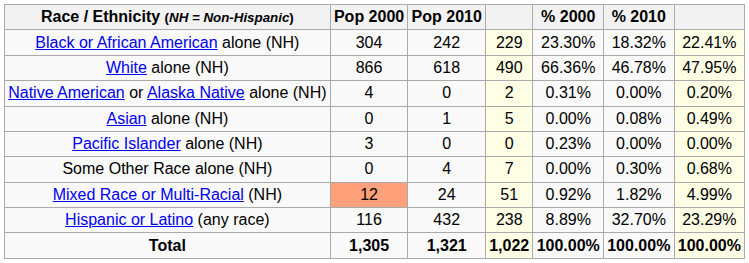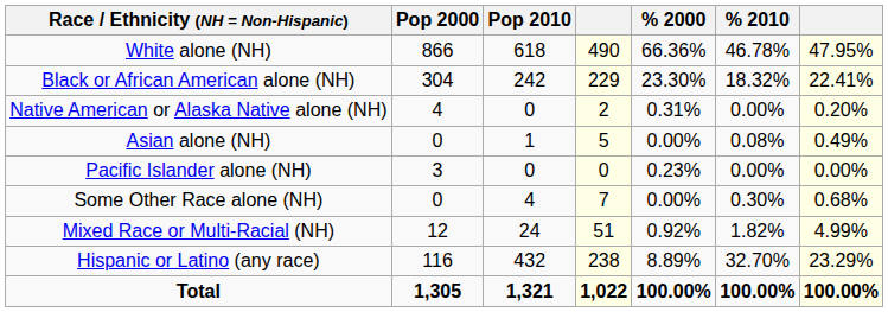 <table class="wikitable" style="text-align:center;">
 <tr>
 <th>Race / Ethnicity <small>(<em>NH = Non-Hispanic</em>)</small></th>
 <th>Pop 2000</th>
 <th>Pop 2010</th>
 <th></th>
 <th>% 2000</th>
 <th>% 2010</th>
 <th></th>
 </tr>
 <tr>
+<td><a href='#'>White</a> alone (NH)</td>
+<td>866</td>
+<td>618</td>
+<td style='background: #ffffe6;'>490</td>
+<td>66.36%</td>
+<td>46.78%</td>
+<td style='background: #ffffe6;'>47.95%</td>
+</tr>
+<tr>
 <td><a href='#'>Black or African American</a> alone (NH)</td>
 <td>304</td>
 <td>242</td>
 <td style='background: #ffffe6;'>229</td>
 <td>23.30%</td>
 <td>18.32%</td>
 <td style='background: #ffffe6;'>22.41%</td>
-</tr>
-<tr>
-<td><a href='#'>White</a> alone (NH)</td>
-<td>866</td>
-<td>618</td>
-<td style='background: #ffffe6;'>490</td>
-<td>66.36%</td>
-<td>46.78%</td>
-<td style='background: #ffffe6;'>47.95%</td>
 </tr>
 <tr>
 <td><a href='#'>Native American</a> or <a href='#'>Alaska Native</a> alone (NH)</td>
 <td>4</td>
 <td>0</td>
 <td style='background: #ffffe6;'>2</td>
 <td>0.31%</td>
 <td>0.00%</td>
 <td style='background: #ffffe6;'>0.20%</td>
 </tr>
 <tr>
 <td><a href='#'>Asian</a> alone (NH)</td>
 <td>0</td>
 <td>1</td>
 <td style='background: #ffffe6;'>5</td>
 <td>0.00%</td>
 <td>0.08%</td>
 <td style='background: #ffffe6;'>0.49%</td>
 </tr>
 <tr>
 <td><a href='#'>Pacific Islander</a> alone (NH)</td>
 <td>3</td>
 <td>0</td>
 <td style='background: #ffffe6;'>0</td>
 <td>0.23%</td>
 <td>0.00%</td>
 <td style='background: #ffffe6;'>0.00%</td>
 </tr>
 <tr>
 <td>Some Other Race alone (NH)</td>
 <td>0</td>
 <td>4</td>
 <td style='background: #ffffe6;'>7</td>
 <td>0.00%</td>
 <td>0.30%</td>
 <td style='background: #ffffe6;'>0.68%</td>
 </tr>
 <tr>
 <td><a href='#'>Mixed Race or Multi-Racial</a> (NH)</td>
-<td style="background: lightsalmon;">12</td>
+<td>12</td>
 <td>24</td>
 <td style='background: #ffffe6;'>51</td>
 <td>0.92%</td>
 <td>1.82%</td>
 <td style='background: #ffffe6;'>4.99%</td>
 </tr>
 <tr>
 <td><a href='#'>Hispanic or Latino</a> (any race)</td>
 <td>116</td>
 <td>432</td>
 <td style='background: #ffffe6;'>238</td>
 <td>8.89%</td>
 <td>32.70%</td>
 <td style='background: #ffffe6;'>23.29%</td>
 </tr>
 <tr>
 <td><strong>Total</strong></td>
 <td><strong>1,305</strong></td>
 <td><strong>1,321</strong></td>
 <td style='background: #ffffe6;'><strong>1,022</strong></td>
 <td><strong>100.00%</strong></td>
 <td><strong>100.00%</strong></td>
 <td style='background: #ffffe6;'><strong>100.00%</strong></td>
 </tr>
 </table>
